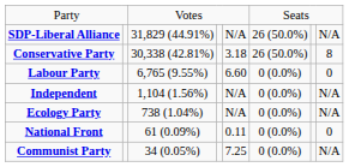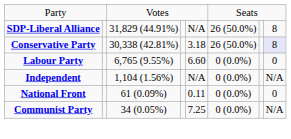 <table class=wikitable style="text-align:center;">
 <tr>
 <td colspan=2>Party</td>
 <td colspan=3>Votes</td>
 <td colspan=3>Seats</td>
 </tr>
 <tr>
 <td><strong><a href='#'>SDP-Liberal Alliance</a></strong></td>
 <td style="background:"></td>
 <td>31,829 (44.91%)</td>
 <td></td>
 <td>N/A</td>
 <td>26 (50.0%)</td>
 <td></td>
-<td>N/A</td>
+<td> 8</td>
 </tr>
 <tr>
 <td><strong><a href='#'>Conservative Party</a></strong></td>
 <td style="background:"></td>
 <td>30,338 (42.81%)</td>
 <td></td>
 <td> 3.18</td>
 <td>26 (50.0%)</td>
 <td></td>
-<td> 8</td>
+<td style="background: lavender;"> 8</td>
 </tr>
 <tr>
 <td><strong><a href='#'>Labour Party</a></strong></td>
 <td style="background:"></td>
 <td>6,765 (9.55%)</td>
 <td></td>
 <td> 6.60</td>
 <td>0 (0.0%)</td>
 <td></td>
 <td> 0</td>
 </tr>
 <tr>
 <td><strong><a href='#'>Independent</a></strong></td>
 <td style="background:"></td>
 <td>1,104 (1.56%)</td>
-<td></td>
-<td>N/A</td>
-<td>0 (0.0%)</td>
-<td></td>
-<td>N/A</td>
-</tr>
-<tr>
-<td><strong><a href='#'>Ecology Party</a></strong></td>
-<td style="background:"></td>
-<td>738 (1.04%)</td>
 <td></td>
 <td>N/A</td>
 <td>0 (0.0%)</td>
 <td></td>
 <td>N/A</td>
 </tr>
 <tr>
 <td><strong><a href='#'>National Front</a></strong></td>
 <td style="background:"></td>
 <td>61 (0.09%)</td>
 <td></td>
 <td> 0.11</td>
 <td>0  (0.0%)</td>
 <td></td>
 <td> 0</td>
 </tr>
 <tr>
 <td><strong><a href='#'>Communist Party</a></strong></td>
 <td style="background:"></td>
 <td>34 (0.05%)</td>
 <td></td>
 <td> 7.25</td>
 <td>0 (0.0%)</td>
 <td></td>
 <td>N/A</td>
 </tr>
 </table>
